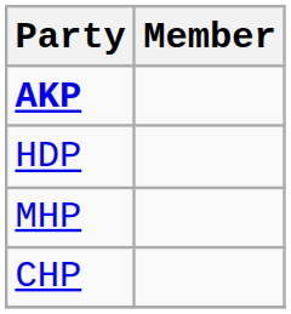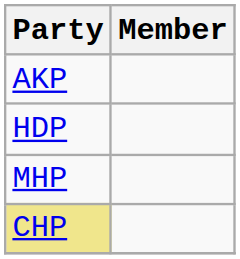 <table class="wikitable">
 <tr>
 <th>Party</th>
 <th colspan="2">Member</th>
 </tr>
 <tr>
-<td><strong><a href='#'>AKP</a></strong></td>
+<td><a href='#'>AKP</a></td>
 <td></td>
 </tr>
 <tr>
 <td><a href='#'>HDP</a></td>
 <td></td>
 </tr>
 <tr>
 <td><a href='#'>MHP</a></td>
 <td></td>
 </tr>
 <tr>
-<td><a href='#'>CHP</a></td>
+<td style="background: khaki;"><a href='#'>CHP</a></td>
 <td></td>
 </tr>
 <tr>
 </tr>
 </table>
